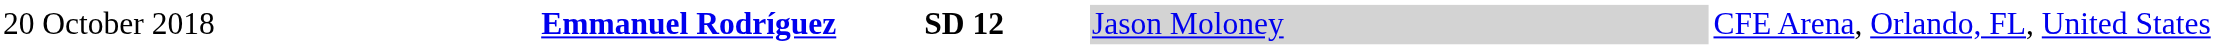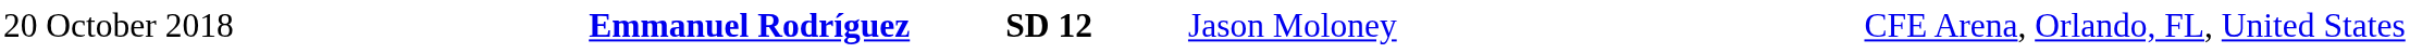 <table cellspacing="1" style="width:100%;">
 <tr>
 <th width="15%"></th>
 <th width="25%"></th>
 <th width="10%"></th>
 <th width="25%"></th>
 </tr>
 <tr style="font-size:100%">
 <td align="right">20 October 2018</td>
 <td align="right"><strong><a href='#'>Emmanuel Rodríguez</a></strong> </td>
 <td align="center"><strong>SD 12</strong></td>
-<td style="background: lightgrey;"> <a href='#'>Jason Moloney</a></td>
+<td> <a href='#'>Jason Moloney</a></td>
 <td><a href='#'>CFE Arena</a>, <a href='#'>Orlando, FL</a>, <a href='#'>United States</a></td>
 </tr>
 </table>
